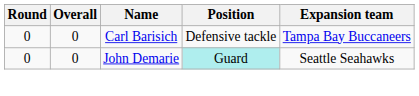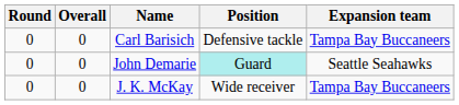 <table class="wikitable" style="text-align:center">
 <tr>
 <th>Round</th>
 <th>Overall</th>
 <th>Name</th>
 <th>Position</th>
 <th>Expansion team</th>
 </tr>
 <tr>
 <td>0</td>
 <td>0</td>
 <td><a href='#'>Carl Barisich</a></td>
 <td>Defensive tackle</td>
 <td><a href='#'>Tampa Bay Buccaneers</a></td>
 </tr>
 <tr>
 <td>0</td>
 <td>0</td>
 <td><a href='#'>John Demarie</a></td>
 <td style="background: paleturquoise;">Guard</td>
 <td>Seattle Seahawks</td>
 </tr>
+<tr>
+<td>0</td>
+<td>0</td>
+<td><a href='#'>J. K. McKay</a></td>
+<td>Wide receiver</td>
+<td><a href='#'>Tampa Bay Buccaneers</a></td>
+</tr>
 </table>
